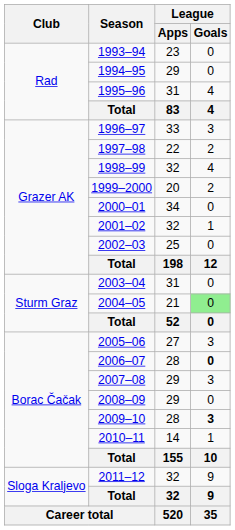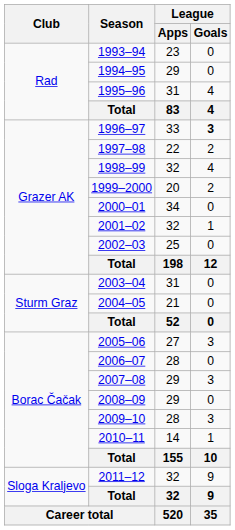 <table class="wikitable" style="text-align:center">
 <tr>
 <th rowspan="2">Club</th>
 <th rowspan="2">Season</th>
 <th colspan="2">League</th>
 </tr>
 <tr>
 <th>Apps</th>
 <th>Goals</th>
 </tr>
 <tr>
 <td rowspan="4"><a href='#'>Rad</a></td>
 <td><a href='#'>1993–94</a></td>
 <td>23</td>
 <td>0</td>
 </tr>
 <tr>
 <td><a href='#'>1994–95</a></td>
 <td>29</td>
 <td>0</td>
 </tr>
 <tr>
 <td><a href='#'>1995–96</a></td>
 <td>31</td>
 <td>4</td>
 </tr>
 <tr>
 <th>Total</th>
 <th>83</th>
 <th>4</th>
 </tr>
 <tr>
 <td rowspan="8"><a href='#'>Grazer AK</a></td>
 <td><a href='#'>1996–97</a></td>
 <td>33</td>
-<td>3</td>
+<td><strong>3</strong></td>
 </tr>
 <tr>
 <td><a href='#'>1997–98</a></td>
 <td>22</td>
 <td>2</td>
 </tr>
 <tr>
 <td><a href='#'>1998–99</a></td>
 <td>32</td>
 <td>4</td>
 </tr>
 <tr>
 <td><a href='#'>1999–2000</a></td>
 <td>20</td>
 <td>2</td>
 </tr>
 <tr>
 <td><a href='#'>2000–01</a></td>
 <td>34</td>
 <td>0</td>
 </tr>
 <tr>
 <td><a href='#'>2001–02</a></td>
 <td>32</td>
 <td>1</td>
 </tr>
 <tr>
 <td><a href='#'>2002–03</a></td>
 <td>25</td>
 <td>0</td>
 </tr>
 <tr>
 <th>Total</th>
 <th>198</th>
 <th>12</th>
 </tr>
 <tr>
 <td rowspan="3"><a href='#'>Sturm Graz</a></td>
 <td><a href='#'>2003–04</a></td>
 <td>31</td>
 <td>0</td>
 </tr>
 <tr>
 <td><a href='#'>2004–05</a></td>
 <td>21</td>
-<td style="background: lightgreen;">0</td>
+<td>0</td>
 </tr>
 <tr>
 <th>Total</th>
 <th>52</th>
 <th>0</th>
 </tr>
 <tr>
 <td rowspan="7"><a href='#'>Borac Čačak</a></td>
 <td><a href='#'>2005–06</a></td>
 <td>27</td>
 <td>3</td>
 </tr>
 <tr>
 <td><a href='#'>2006–07</a></td>
 <td>28</td>
-<td><strong>0</strong></td>
+<td>0</td>
 </tr>
 <tr>
 <td><a href='#'>2007–08</a></td>
 <td>29</td>
 <td>3</td>
 </tr>
 <tr>
 <td><a href='#'>2008–09</a></td>
 <td>29</td>
 <td>0</td>
 </tr>
 <tr>
 <td><a href='#'>2009–10</a></td>
 <td>28</td>
-<td><strong>3</strong></td>
+<td>3</td>
 </tr>
 <tr>
 <td><a href='#'>2010–11</a></td>
 <td>14</td>
 <td>1</td>
 </tr>
 <tr>
 <th>Total</th>
 <th>155</th>
 <th>10</th>
 </tr>
 <tr>
 <td rowspan="2"><a href='#'>Sloga Kraljevo</a></td>
 <td><a href='#'>2011–12</a></td>
 <td>32</td>
 <td>9</td>
 </tr>
 <tr>
 <th>Total</th>
 <th>32</th>
 <th>9</th>
 </tr>
 <tr>
 <th colspan="2">Career total</th>
 <th>520</th>
 <th>35</th>
 </tr>
 </table>
